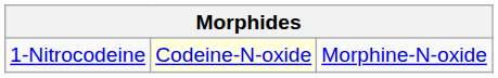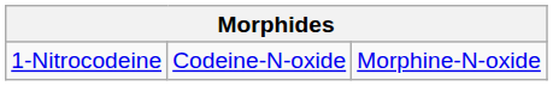 <table class="wikitable" style="font-size:smaller; text-align:center">
 <tr>
 <th colspan="5">Morphides</th>
 </tr>
 <tr>
 <td> <a href='#'>1-Nitrocodeine</a></td>
-<td style="background: lightyellow;"> <a href='#'>Codeine-N-oxide</a></td>
+<td> <a href='#'>Codeine-N-oxide</a></td>
 <td> <a href='#'>Morphine-N-oxide</a></td>
 </tr>
 </table>
